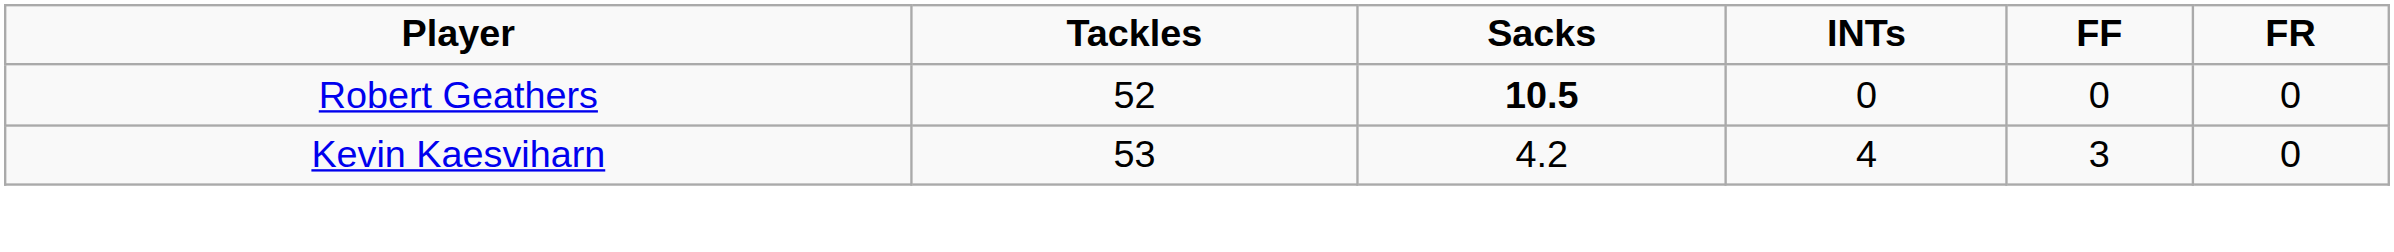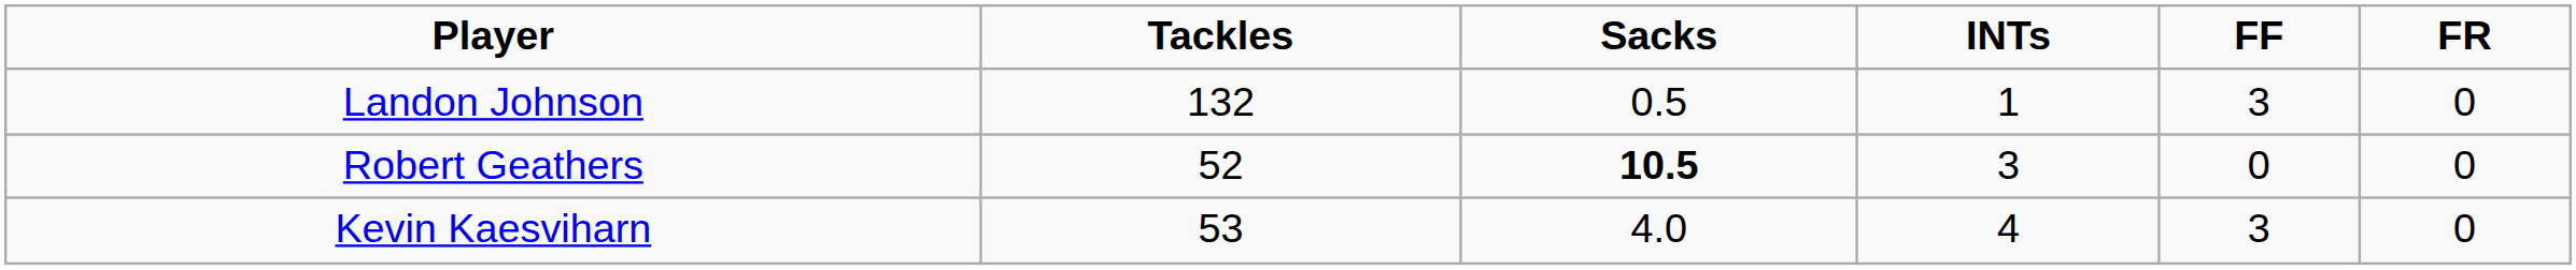 <table class="wikitable" style="width:80%;">
 <tr align="center">
 <td><strong>Player</strong></td>
 <td><strong>Tackles</strong></td>
 <td><strong>Sacks</strong></td>
 <td><strong>INTs</strong></td>
 <td><strong>FF</strong></td>
 <td><strong>FR</strong></td>
 </tr>
 <tr style="text-align:center;" bgcolor="">
+<td><a href='#'>Landon Johnson</a></td>
+<td>132</td>
+<td>0.5</td>
+<td>1</td>
+<td>3</td>
+<td>0</td>
+</tr>
+<tr style="text-align:center;" bgcolor="">
 <td><a href='#'>Robert Geathers</a></td>
 <td>52</td>
 <td><strong>10.5</strong></td>
-<td>0</td>
+<td>3</td>
 <td>0</td>
 <td>0</td>
 </tr>
 <tr style="text-align:center;" bgcolor="">
 <td><a href='#'>Kevin Kaesviharn</a></td>
 <td>53</td>
-<td>4.2</td>
+<td>4.0</td>
 <td>4</td>
 <td>3</td>
 <td>0</td>
 </tr>
 </table>
